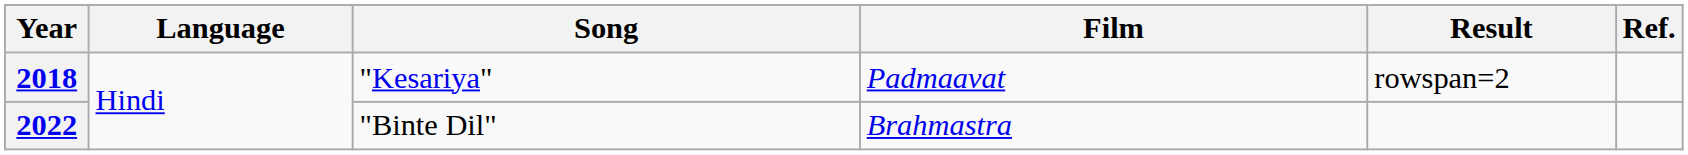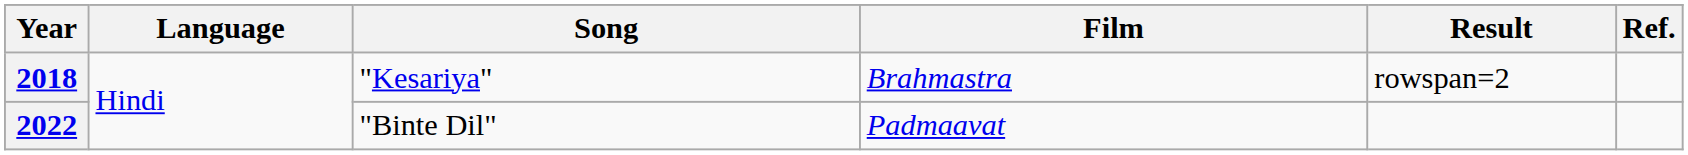 <table class="wikitable plainrowheaders" width="100%" textcolor:#000;">
 <tr>
 <th scope="col" width=5%><strong>Year</strong></th>
 <th scope="col" width=16%><strong>Language</strong></th>
 <th scope="col" width=31%><strong>Song</strong></th>
 <th scope="col" width=31%><strong>Film</strong></th>
 <th scope="col" width=15%><strong>Result</strong></th>
 <th scope="col" width=2%><strong>Ref.</strong></th>
 </tr>
 <tr>
 <th scope="row"><a href='#'>2018</a></th>
 <td rowspan=2><a href='#'>Hindi</a></td>
 <td>"<a href='#'>Kesariya</a>"</td>
-<td><em><a href='#'>Padmaavat</a></em></td>
+<td><em><a href='#'>Brahmastra</a></em></td>
 <td>rowspan=2 </td>
 <td></td>
 </tr>
 <tr>
 <th scope="row"><a href='#'>2022</a></th>
 <td>"Binte Dil"</td>
-<td><em><a href='#'>Brahmastra</a></em></td>
+<td><em><a href='#'>Padmaavat</a></em></td>
 <td></td>
 </tr>
 </table>
